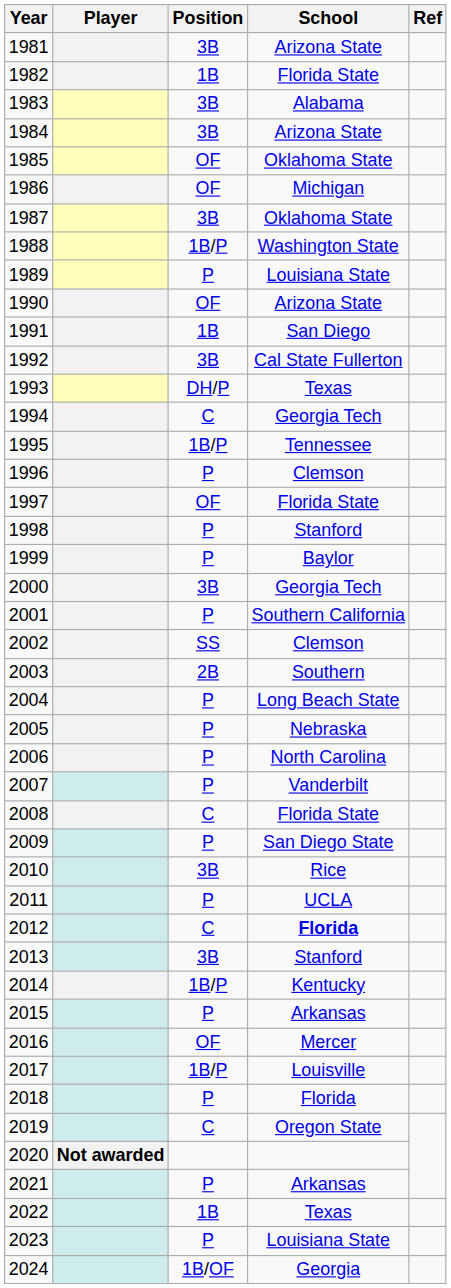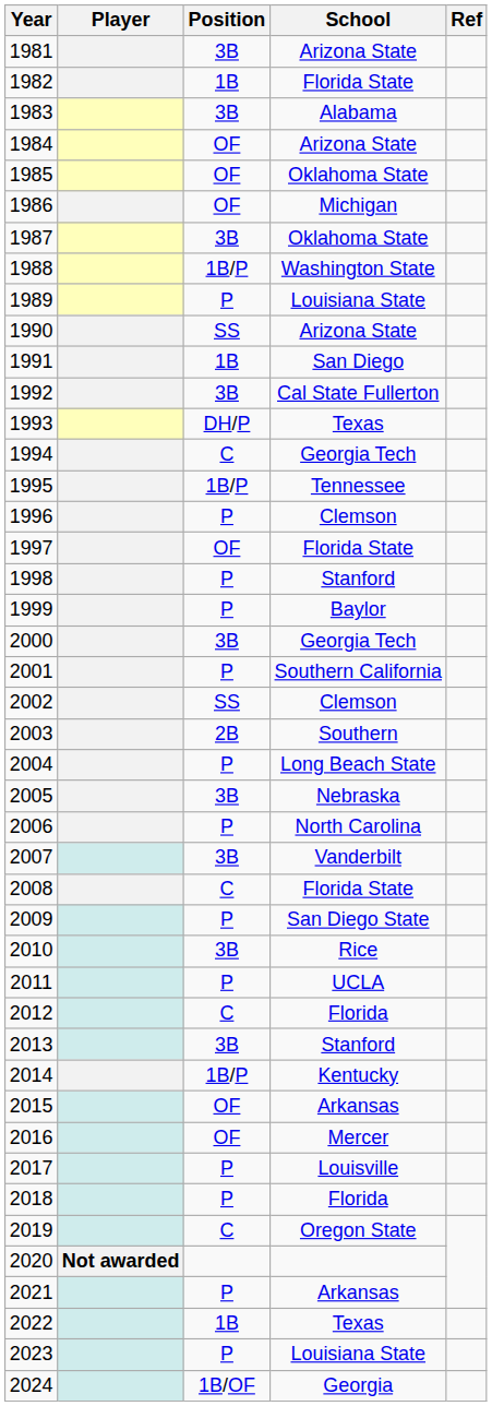 <table class="wikitable sortable plainrowheaders" style="text-align:center;">
 <tr>
 <th scope="col">Year</th>
 <th scope="col">Player</th>
 <th scope="col">Position</th>
 <th scope="col">School</th>
 <th scope="col" class="unsortable">Ref</th>
 </tr>
 <tr>
 <td>1981</td>
 <th scope="row" style="text-align:center"></th>
 <td><a href='#'>3B</a></td>
 <td><a href='#'>Arizona State</a></td>
 <td></td>
 </tr>
 <tr>
 <td>1982</td>
 <th scope="row" style="text-align:center"></th>
 <td><a href='#'>1B</a></td>
 <td><a href='#'>Florida State</a></td>
 <td></td>
 </tr>
 <tr>
 <td>1983</td>
 <th scope="row" style="text-align:center; background-color: #ffffbb"></th>
 <td><a href='#'>3B</a></td>
 <td><a href='#'>Alabama</a></td>
 <td></td>
 </tr>
 <tr>
 <td>1984</td>
 <th scope="row" style="text-align:center; background-color: #ffffbb"></th>
-<td><a href='#'>3B</a></td>
+<td><a href='#'>OF</a></td>
 <td><a href='#'>Arizona State</a></td>
 <td></td>
 </tr>
 <tr>
 <td>1985</td>
 <th scope="row" style="text-align:center; background-color: #ffffbb"></th>
 <td><a href='#'>OF</a></td>
 <td><a href='#'>Oklahoma State</a></td>
 <td></td>
 </tr>
 <tr>
 <td>1986</td>
 <th scope="row" style="text-align:center"></th>
 <td><a href='#'>OF</a></td>
 <td><a href='#'>Michigan</a></td>
 <td></td>
 </tr>
 <tr>
 <td>1987</td>
 <th scope="row" style="text-align:center; background-color: #ffffbb"></th>
 <td><a href='#'>3B</a></td>
 <td><a href='#'>Oklahoma State</a></td>
 <td></td>
 </tr>
 <tr>
 <td>1988</td>
 <th scope="row" style="text-align:center; background-color: #ffffbb"></th>
 <td><a href='#'>1B</a>/<a href='#'>P</a></td>
 <td><a href='#'>Washington State</a></td>
 <td></td>
 </tr>
 <tr>
 <td>1989</td>
 <th scope="row" style="text-align:center; background-color: #ffffbb"><em></em></th>
 <td><a href='#'>P</a></td>
 <td><a href='#'>Louisiana State</a></td>
 <td></td>
 </tr>
 <tr>
 <td>1990</td>
 <th scope="row" style="text-align:center"></th>
-<td><a href='#'>OF</a></td>
+<td><a href='#'>SS</a></td>
 <td><a href='#'>Arizona State</a></td>
 <td></td>
 </tr>
 <tr>
 <td>1991</td>
 <th scope="row" style="text-align:center"></th>
 <td><a href='#'>1B</a></td>
 <td><a href='#'>San Diego</a></td>
 <td></td>
 </tr>
 <tr>
 <td>1992</td>
 <th scope="row" style="text-align:center"><em></em></th>
 <td><a href='#'>3B</a></td>
 <td><a href='#'>Cal State Fullerton</a></td>
 <td></td>
 </tr>
 <tr>
 <td>1993</td>
 <th scope="row" style="text-align:center; background-color: #ffffbb"></th>
 <td><a href='#'>DH</a>/<a href='#'>P</a></td>
 <td><a href='#'>Texas</a></td>
 <td></td>
 </tr>
 <tr>
 <td>1994</td>
 <th scope="row" style="text-align:center"></th>
 <td><a href='#'>C</a></td>
 <td><a href='#'>Georgia Tech</a></td>
 <td></td>
 </tr>
 <tr>
 <td>1995</td>
 <th scope="row" style="text-align:center"></th>
 <td><a href='#'>1B</a>/<a href='#'>P</a></td>
 <td><a href='#'>Tennessee</a></td>
 <td></td>
 </tr>
 <tr>
 <td>1996</td>
 <th scope="row" style="text-align:center"><em></em></th>
 <td><a href='#'>P</a></td>
 <td><a href='#'>Clemson</a></td>
 <td></td>
 </tr>
 <tr>
 <td>1997</td>
 <th scope="row" style="text-align:center"></th>
 <td><a href='#'>OF</a></td>
 <td><a href='#'>Florida State</a></td>
 <td></td>
 </tr>
 <tr>
 <td>1998</td>
 <th scope="row" style="text-align:center"></th>
 <td><a href='#'>P</a></td>
 <td><a href='#'>Stanford</a></td>
 <td></td>
 </tr>
 <tr>
 <td>1999</td>
 <th scope="row" style="text-align:center"></th>
 <td><a href='#'>P</a></td>
 <td><a href='#'>Baylor</a></td>
 <td></td>
 </tr>
 <tr>
 <td>2000</td>
 <th scope="row" style="text-align:center"></th>
 <td><a href='#'>3B</a></td>
 <td><a href='#'>Georgia Tech</a></td>
 <td></td>
 </tr>
 <tr>
 <td>2001</td>
 <th scope="row" style="text-align:center"></th>
 <td><a href='#'>P</a></td>
 <td><a href='#'>Southern California</a></td>
 <td></td>
 </tr>
 <tr>
 <td>2002</td>
 <th scope="row" style="text-align:center"></th>
 <td><a href='#'>SS</a></td>
 <td><a href='#'>Clemson</a></td>
 <td></td>
 </tr>
 <tr>
 <td>2003</td>
 <th scope="row" style="text-align:center"></th>
 <td><a href='#'>2B</a></td>
 <td><a href='#'>Southern</a></td>
 <td></td>
 </tr>
 <tr>
 <td>2004</td>
 <th scope="row" style="text-align:center"></th>
 <td><a href='#'>P</a></td>
 <td><a href='#'>Long Beach State</a></td>
 <td></td>
 </tr>
 <tr>
 <td>2005</td>
 <th scope="row" style="text-align:center;"></th>
-<td><a href='#'>P</a></td>
+<td><a href='#'>3B</a></td>
 <td><a href='#'>Nebraska</a></td>
 <td></td>
 </tr>
 <tr>
 <td>2006</td>
 <th scope="row" style="text-align:center;"></th>
 <td><a href='#'>P</a></td>
 <td><a href='#'>North Carolina</a></td>
 <td></td>
 </tr>
 <tr>
 <td>2007</td>
 <th scope="row" style="text-align:center; background:#cfecec;"><em></em></th>
-<td><a href='#'>P</a></td>
+<td><a href='#'>3B</a></td>
 <td><a href='#'>Vanderbilt</a></td>
 <td></td>
 </tr>
 <tr>
 <td>2008</td>
 <th scope="row" style="text-align:center"></th>
 <td><a href='#'>C</a></td>
 <td><a href='#'>Florida State</a></td>
 <td></td>
 </tr>
 <tr>
 <td>2009</td>
 <th scope="row" style="text-align:center; background:#cfecec;"><em></em></th>
 <td><a href='#'>P</a></td>
 <td><a href='#'>San Diego State</a></td>
 <td></td>
 </tr>
 <tr>
 <td>2010</td>
 <th scope="row" style="text-align:center; background:#cfecec;"></th>
 <td><a href='#'>3B</a></td>
 <td><a href='#'>Rice</a></td>
 <td></td>
 </tr>
 <tr>
 <td>2011</td>
 <th scope="row" style="text-align:center; background:#cfecec;"></th>
 <td><a href='#'>P</a></td>
 <td><a href='#'>UCLA</a></td>
 <td></td>
 </tr>
 <tr>
 <td>2012</td>
 <th scope="row" style="text-align:center; background:#cfecec;"></th>
 <td><a href='#'>C</a></td>
-<td><strong><a href='#'>Florida</a></strong></td>
+<td><a href='#'>Florida</a></td>
 <td></td>
 </tr>
 <tr>
 <td>2013</td>
 <th scope="row" style="text-align:center; background:#cfecec;"></th>
 <td><a href='#'>3B</a></td>
 <td><a href='#'>Stanford</a></td>
 <td></td>
 </tr>
 <tr>
 <td>2014</td>
 <th scope="row" style="text-align:center"></th>
 <td><a href='#'>1B</a>/<a href='#'>P</a></td>
 <td><a href='#'>Kentucky</a></td>
 <td></td>
 </tr>
 <tr>
 <td>2015</td>
 <th scope="row" style="text-align:center; background:#cfecec;"></th>
-<td><a href='#'>P</a></td>
+<td><a href='#'>OF</a></td>
 <td><a href='#'>Arkansas</a></td>
 <td></td>
 </tr>
 <tr>
 <td>2016</td>
 <th scope="row" style="text-align:center; background:#cfecec;"></th>
 <td><a href='#'>OF</a></td>
 <td><a href='#'>Mercer</a></td>
 <td></td>
 </tr>
 <tr>
 <td>2017</td>
 <th scope="row" style="text-align:center; background:#cfecec;"></th>
-<td><a href='#'>1B</a>/<a href='#'>P</a></td>
+<td><a href='#'>P</a></td>
 <td><a href='#'>Louisville</a></td>
 <td></td>
 </tr>
 <tr>
 <td>2018</td>
 <th scope="row" style="text-align:center; background:#cfecec;"></th>
 <td><a href='#'>P</a></td>
 <td><a href='#'>Florida</a></td>
 <td></td>
 </tr>
 <tr>
 <td>2019</td>
 <th scope="row" style="text-align:center; background:#cfecec;"><em></em></th>
 <td><a href='#'>C</a></td>
 <td><a href='#'>Oregon State</a></td>
 </tr>
 <tr>
 <td>2020</td>
 <th scope="row" style="text-align:center">Not awarded</th>
 <td></td>
 <td></td>
 </tr>
 <tr>
 <td>2021</td>
 <th scope="row" style="text-align:center; background:#cfecec;"></th>
 <td><a href='#'>P</a></td>
 <td><a href='#'>Arkansas</a></td>
 </tr>
 <tr>
 <td>2022</td>
 <th scope="row" style="text-align:center; background:#cfecec;"></th>
 <td><a href='#'>1B</a></td>
 <td><a href='#'>Texas</a></td>
 <td></td>
 </tr>
 <tr>
 <td>2023</td>
 <th scope="row" style="text-align:center; background:#cfecec;"><em></em></th>
 <td><a href='#'>P</a></td>
 <td><a href='#'>Louisiana State</a></td>
 <td></td>
 </tr>
 <tr>
 <td>2024</td>
 <th scope="row" style="text-align:center; background:#cfecec;"></th>
 <td><a href='#'>1B</a>/<a href='#'>OF</a></td>
 <td><a href='#'>Georgia</a></td>
 </tr>
 </table>
